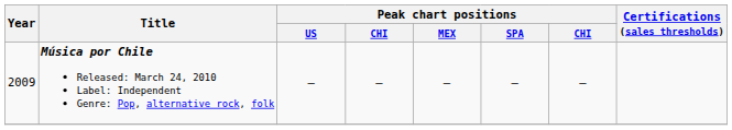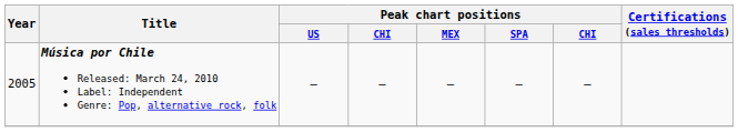 <table class="wikitable">
 <tr>
 <th rowspan="2">Year</th>
 <th rowspan="2">Title</th>
 <th colspan="5">Peak chart positions</th>
 <th rowspan="2"><a href='#'>Certifications</a><br><small>(<a href='#'>sales thresholds</a>)</small></th>
 </tr>
 <tr>
 <th width="70"><small><a href='#'>US</a></small></th>
 <th width="70"><small><a href='#'>CHI</a></small></th>
 <th width="70"><small><a href='#'>MEX</a></small></th>
 <th width="70"><small><a href='#'>SPA</a></small></th>
 <th width="70"><small><a href='#'>CHI</a></small></th>
 </tr>
 <tr>
-<td>2009</td>
+<td>2005</td>
 <td><strong><em>Música por Chile</em></strong><br><ul><li><small>Released: March 24, 2010</small></li><li><small>Label: Independent</small></li><li><small>Genre: <a href='#'>Pop</a>, <a href='#'>alternative rock</a>, <a href='#'>folk</a></small></li></ul></td>
 <td align="center">—</td>
 <td align="center">—</td>
 <td align="center">—</td>
 <td align="center">—</td>
 <td align="center">—</td>
 <td align="left"></td>
 </tr>
 <tr>
 </tr>
 </table>
